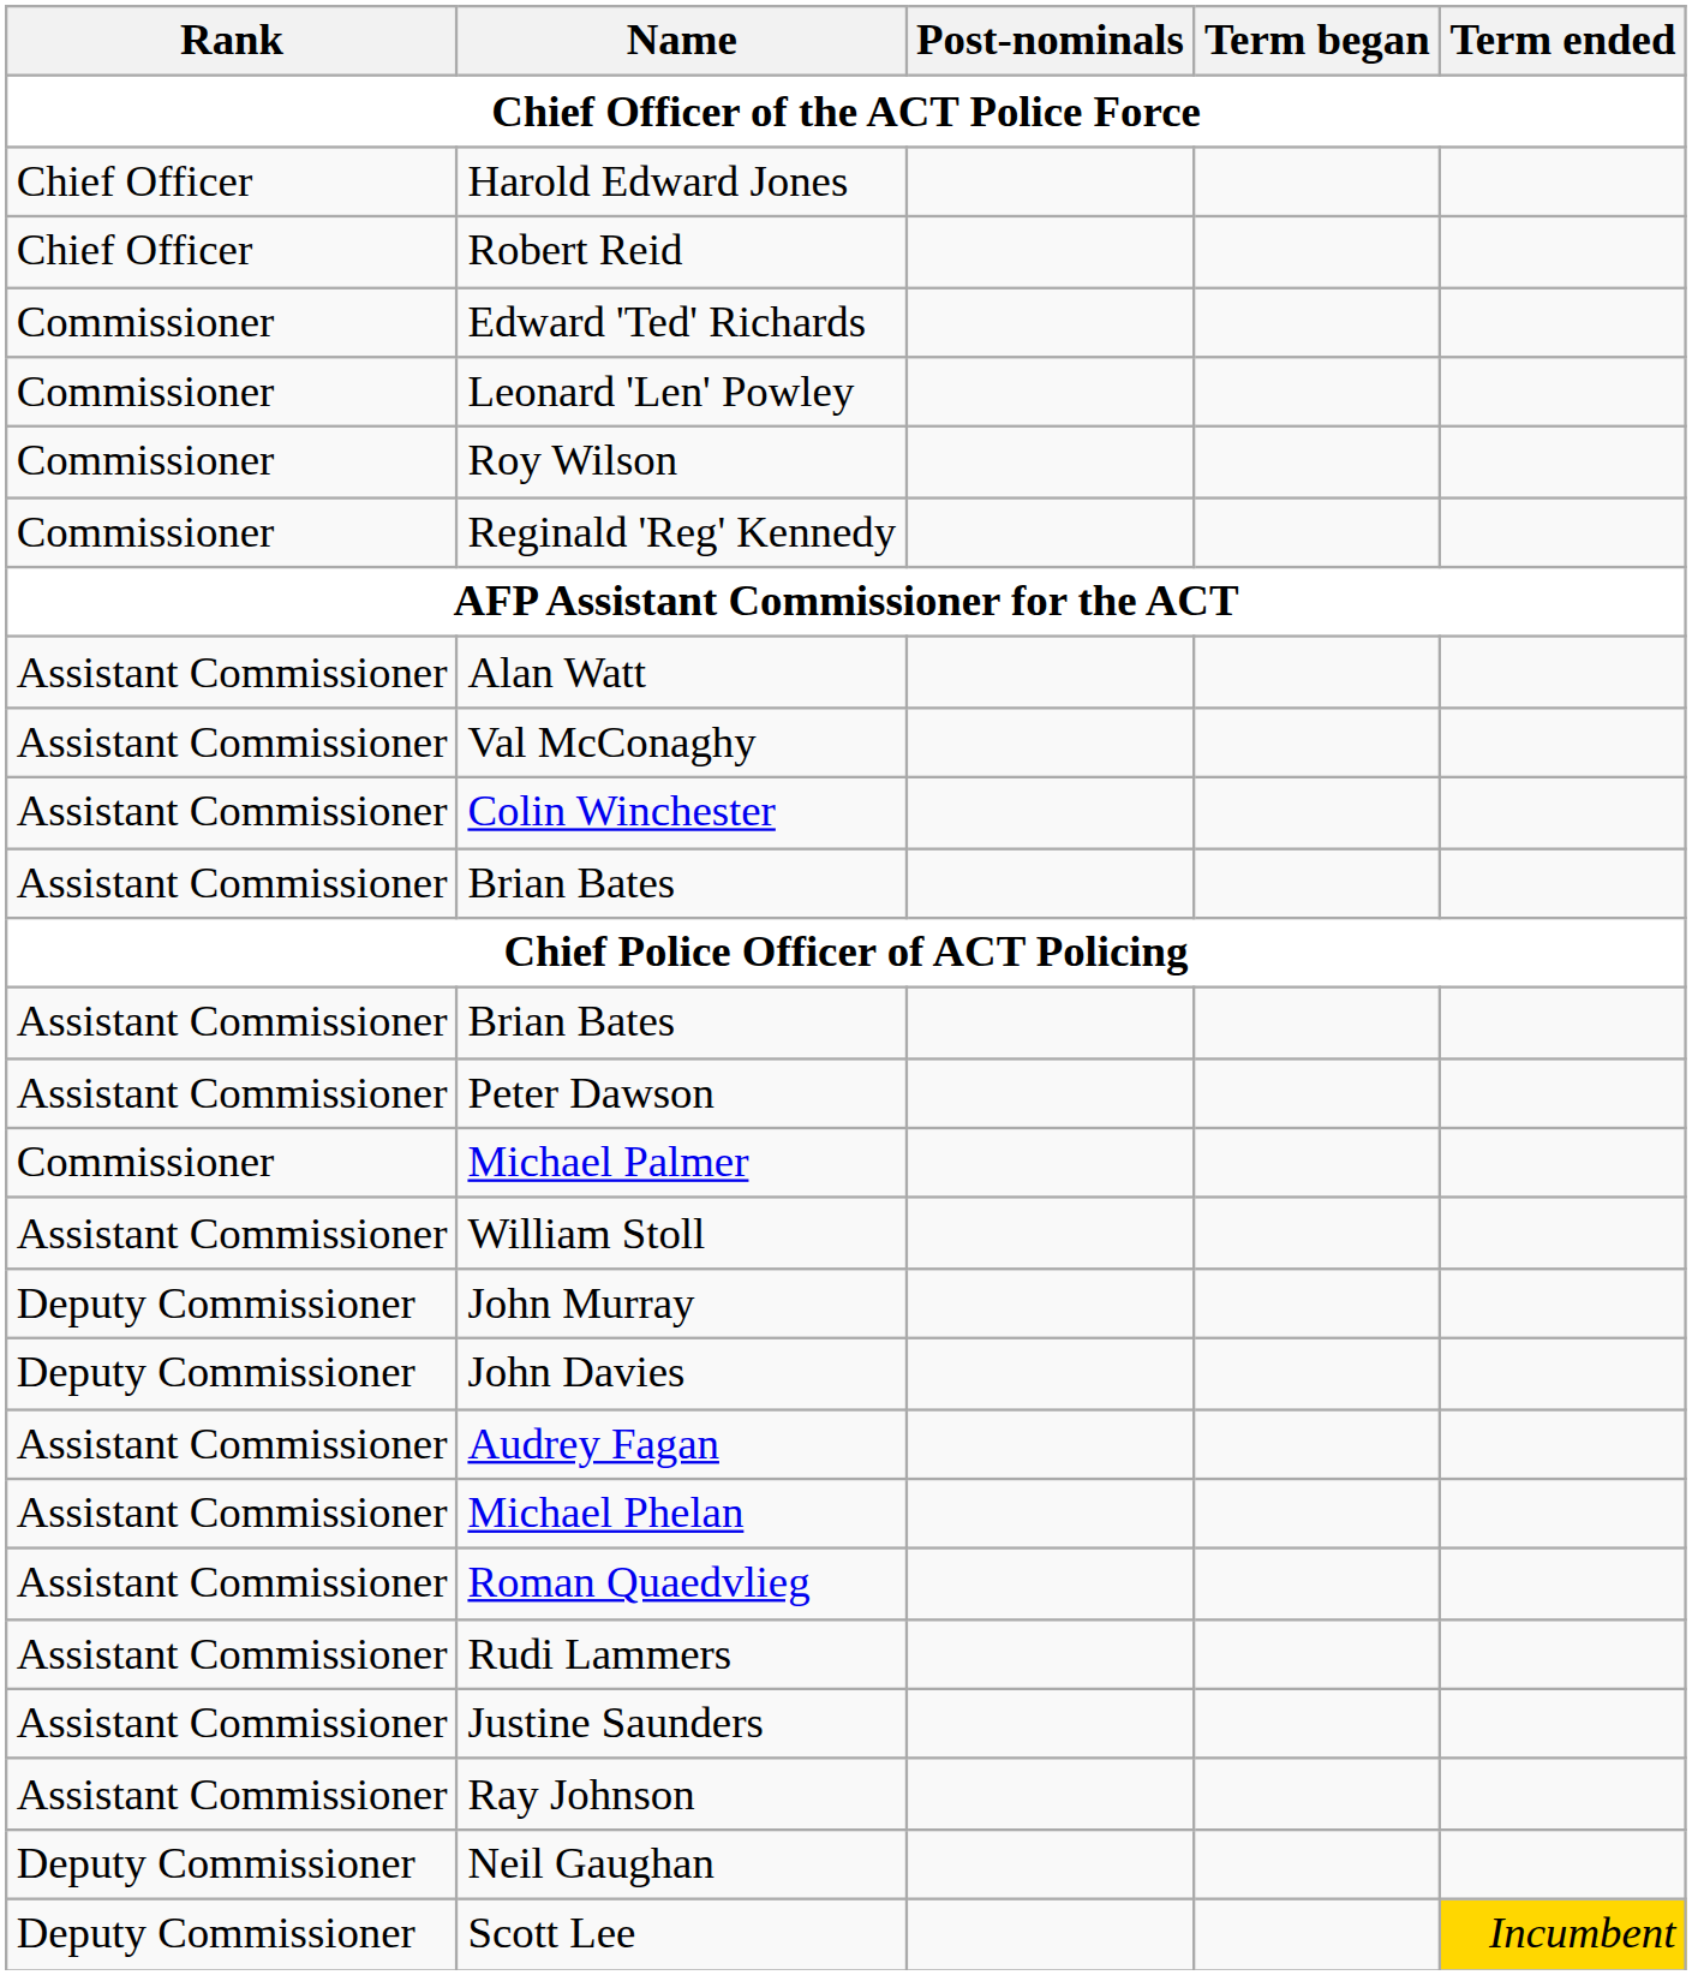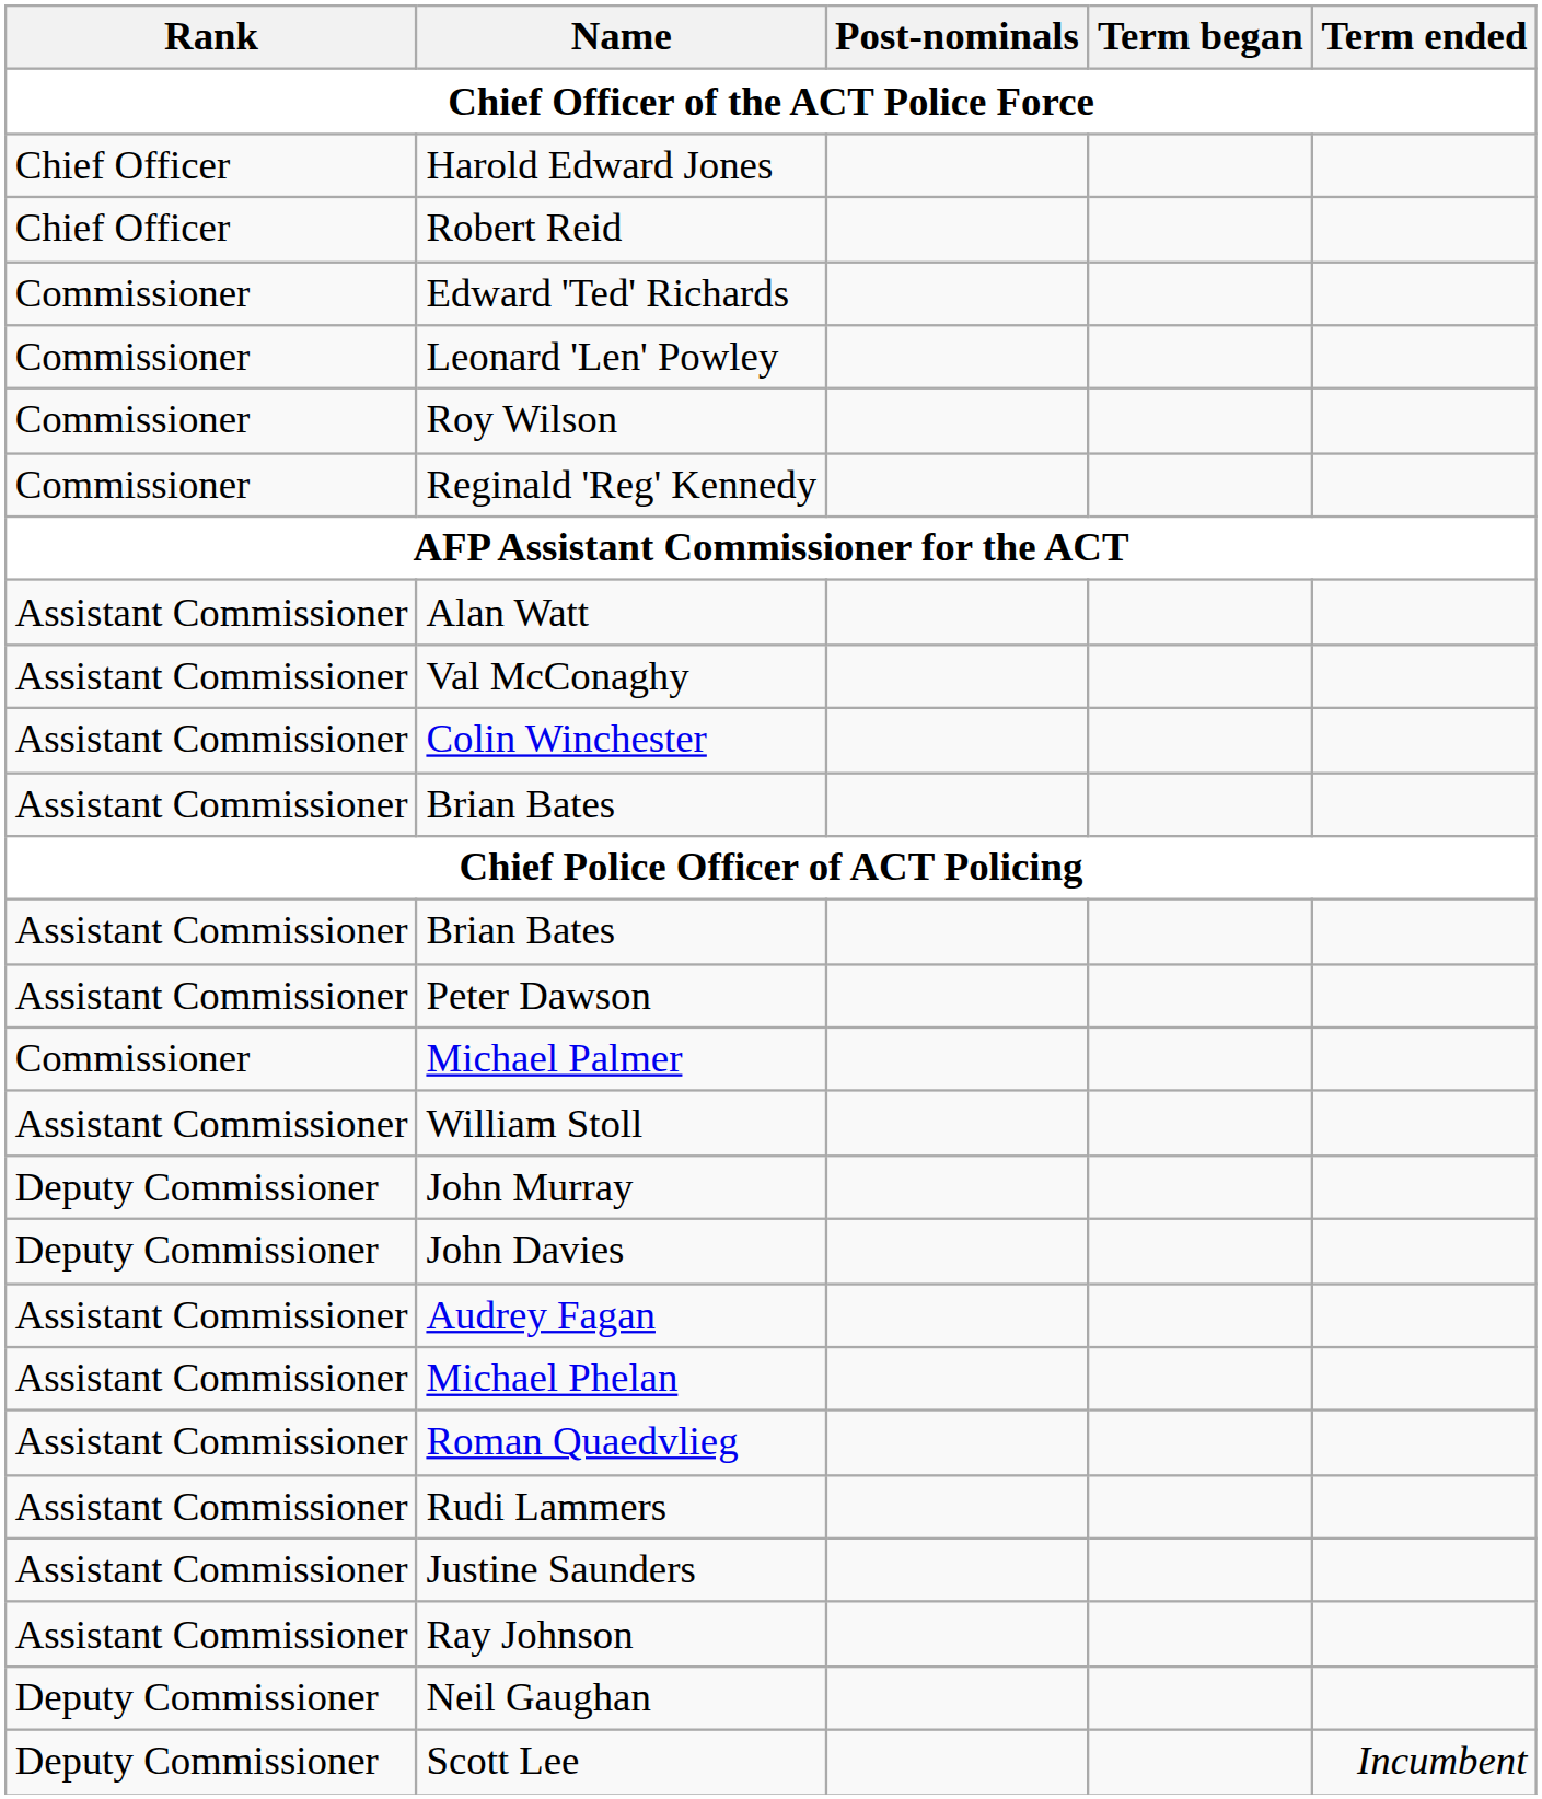 <table class="wikitable sortable">
 <tr>
 <th>Rank</th>
 <th>Name</th>
 <th>Post-nominals</th>
 <th>Term began</th>
 <th>Term ended</th>
 </tr>
 <tr>
 <th colspan=5 style="background:white;">Chief Officer of the ACT Police Force</th>
 </tr>
 <tr>
 <td>Chief Officer</td>
 <td>Harold Edward Jones</td>
 <td></td>
 <td align=right></td>
 <td align=right></td>
 </tr>
 <tr>
 <td>Chief Officer</td>
 <td>Robert Reid</td>
 <td></td>
 <td align=right></td>
 <td align=right></td>
 </tr>
 <tr>
 <td>Commissioner</td>
 <td>Edward 'Ted' Richards</td>
 <td></td>
 <td align=right></td>
 <td align=right></td>
 </tr>
 <tr>
 <td>Commissioner</td>
 <td>Leonard 'Len' Powley</td>
 <td></td>
 <td align=right></td>
 <td align=right></td>
 </tr>
 <tr>
 <td>Commissioner</td>
 <td>Roy Wilson</td>
 <td></td>
 <td align=right></td>
 <td align=right></td>
 </tr>
 <tr>
 <td>Commissioner</td>
 <td>Reginald 'Reg' Kennedy</td>
 <td></td>
 <td align=right></td>
 <td align=right></td>
 </tr>
 <tr>
 <th colspan=5 style="background:white;">AFP Assistant Commissioner for the ACT</th>
 </tr>
 <tr>
 <td>Assistant Commissioner</td>
 <td>Alan Watt</td>
 <td></td>
 <td align=right></td>
 <td align=right></td>
 </tr>
 <tr>
 <td>Assistant Commissioner</td>
 <td>Val McConaghy</td>
 <td></td>
 <td align=right></td>
 <td align=right></td>
 </tr>
 <tr>
 <td>Assistant Commissioner</td>
 <td><a href='#'>Colin Winchester</a></td>
 <td></td>
 <td align=right></td>
 <td align=right></td>
 </tr>
 <tr>
 <td>Assistant Commissioner</td>
 <td>Brian Bates</td>
 <td></td>
 <td align=right></td>
 <td align=right></td>
 </tr>
 <tr>
 <th colspan= 7 style="background:white;">Chief Police Officer of ACT Policing</th>
 </tr>
 <tr>
 <td>Assistant Commissioner</td>
 <td>Brian Bates</td>
 <td></td>
 <td align=right></td>
 <td align=right></td>
 </tr>
 <tr>
 <td>Assistant Commissioner</td>
 <td>Peter Dawson</td>
 <td></td>
 <td align=right></td>
 <td align=right></td>
 </tr>
 <tr>
 <td>Commissioner</td>
 <td><a href='#'>Michael Palmer</a></td>
 <td></td>
 <td align=right></td>
 <td align=right></td>
 </tr>
 <tr>
 <td>Assistant Commissioner</td>
 <td>William Stoll</td>
 <td></td>
 <td align=right></td>
 <td align=right></td>
 </tr>
 <tr>
 <td>Deputy Commissioner</td>
 <td>John Murray</td>
 <td></td>
 <td align=right></td>
 <td align=right></td>
 </tr>
 <tr>
 <td>Deputy Commissioner</td>
 <td>John Davies</td>
 <td></td>
 <td align=right></td>
 <td align=right></td>
 </tr>
 <tr>
 <td>Assistant Commissioner</td>
 <td><a href='#'>Audrey Fagan</a></td>
 <td></td>
 <td align=right></td>
 <td align=right></td>
 </tr>
 <tr>
 <td>Assistant Commissioner</td>
 <td><a href='#'>Michael Phelan</a></td>
 <td></td>
 <td align=right></td>
 <td align=right></td>
 </tr>
 <tr>
 <td>Assistant Commissioner</td>
 <td><a href='#'>Roman Quaedvlieg</a></td>
 <td></td>
 <td align=right></td>
 <td align=right></td>
 </tr>
 <tr>
 <td>Assistant Commissioner</td>
 <td>Rudi Lammers</td>
 <td></td>
 <td align=right></td>
 <td align=right></td>
 </tr>
 <tr>
 <td>Assistant Commissioner</td>
 <td>Justine Saunders</td>
 <td></td>
 <td align=right></td>
 <td align=right></td>
 </tr>
 <tr>
 <td>Assistant Commissioner</td>
 <td>Ray Johnson</td>
 <td></td>
 <td align=right></td>
 <td align=centre></td>
 </tr>
 <tr>
 <td>Deputy Commissioner</td>
 <td>Neil Gaughan  </td>
 <td> </td>
 <td align=right></td>
 <td align=right></td>
 </tr>
 <tr>
 <td>Deputy Commissioner</td>
 <td>Scott Lee</td>
 <td> </td>
 <td align=right></td>
-<td align=right style="background: gold;"><em>Incumbent</em></td>
+<td align=right><em>Incumbent</em></td>
 </tr>
 </table>
